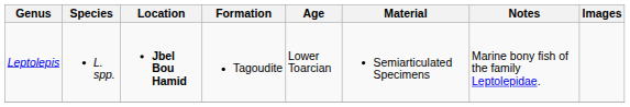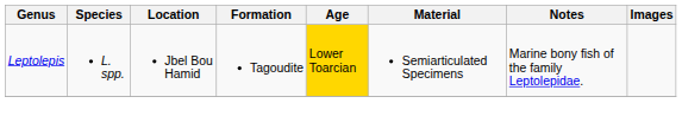 <table class="wikitable">
 <tr>
 <th>Genus</th>
 <th>Species</th>
 <th>Location</th>
 <th>Formation</th>
 <th>Age</th>
 <th>Material</th>
 <th>Notes</th>
 <th>Images</th>
 </tr>
 <tr>
 <td><em><a href='#'>Leptolepis</a></em></td>
 <td><br><ul><li><em>L. spp.</em></li></ul></td>
-<td><strong><br><ul><li>Jbel Bou Hamid</li></ul></strong></td>
+<td><br><ul><li>Jbel Bou Hamid</li></ul></td>
 <td><br><ul><li>Tagoudite</li></ul></td>
-<td>Lower Toarcian</td>
+<td style="background: gold;">Lower Toarcian</td>
 <td><br><ul><li>Semiarticulated Specimens</li></ul></td>
 <td><br>Marine bony fish of the family <a href='#'>Leptolepidae</a>.</td>
 <td></td>
 </tr>
 <tr>
 </tr>
 </table>
